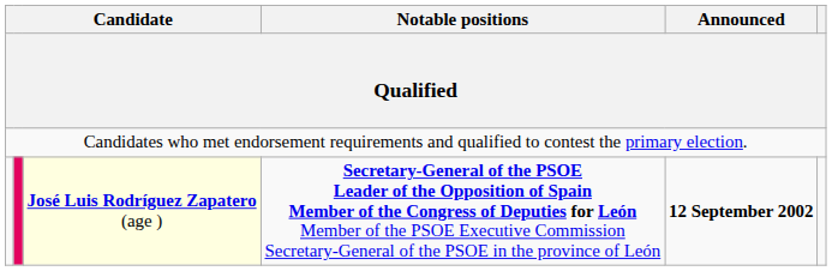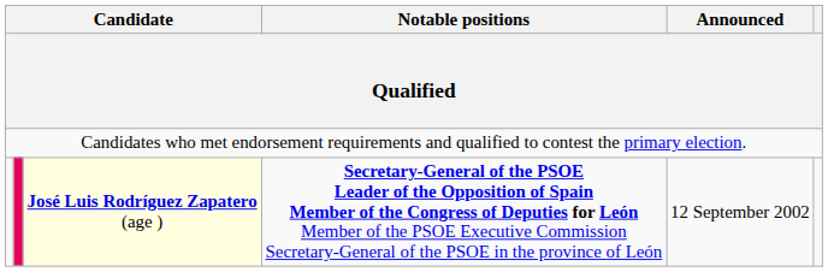 <table class="wikitable" style="text-align:center;">
 <tr>
 <th colspan="3">Candidate</th>
 <th>Notable positions</th>
 <th>Announced</th>
 <th></th>
 </tr>
 <tr>
 <th colspan="6"><br><h3>Qualified</h3></th>
 </tr>
 <tr>
 <td colspan="6">Candidates who met endorsement requirements and qualified to contest the <a href='#'>primary election</a>.</td>
 </tr>
 <tr>
 <td></td>
 <td width="1px" style="color:inherit;background:#E3035F"></td>
 <td style="background: lightyellow;"><strong><a href='#'>José Luis Rodríguez Zapatero</a></strong><br>(age )</td>
 <td><strong><a href='#'>Secretary-General of the PSOE</a> <br><a href='#'>Leader of the Opposition of Spain</a> <br><a href='#'>Member of the Congress of Deputies</a> for <a href='#'>León</a> </strong><br><a href='#'>Member of the PSOE Executive Commission</a> <br><a href='#'>Secretary-General of the PSOE in the province of León</a> </td>
-<td><strong>12 September 2002</strong></td>
+<td>12 September 2002</td>
 <td><br><br></td>
 </tr>
 </table>
